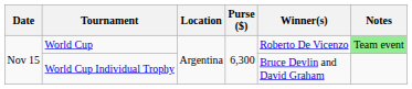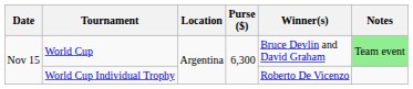 <table class="wikitable" style="font-size:95%">
 <tr>
 <th>Date</th>
 <th>Tournament</th>
 <th>Location</th>
 <th>Purse<br>($)</th>
 <th>Winner(s)</th>
 <th>Notes</th>
 </tr>
 <tr>
 <td rowspan=2>Nov 15</td>
 <td><a href='#'>World Cup</a></td>
 <td rowspan=2>Argentina</td>
 <td rowspan=2 align=right>6,300</td>
-<td> <a href='#'>Roberto De Vicenzo</a></td>
+<td> <a href='#'>Bruce Devlin</a> and<br> <a href='#'>David Graham</a></td>
 <td style="background: lightgreen;">Team event</td>
 </tr>
 <tr>
 <td><a href='#'>World Cup Individual Trophy</a></td>
-<td> <a href='#'>Bruce Devlin</a> and<br> <a href='#'>David Graham</a></td>
+<td> <a href='#'>Roberto De Vicenzo</a></td>
 <td></td>
 </tr>
 </table>
